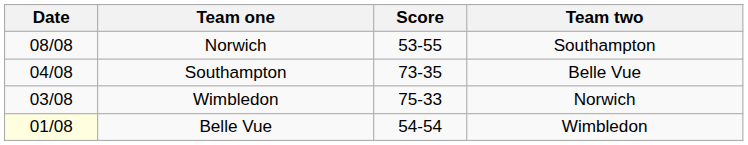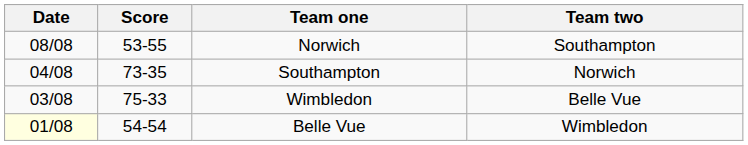 <table class="wikitable" style="text-align: center">
 <tr>
 <th width=80>Date</th>
+<th width=80>Score</th>
 <th width=250>Team one</th>
-<th width=80>Score</th>
 <th width=250>Team two</th>
 </tr>
 <tr>
 <td>08/08</td>
+<td>53-55</td>
 <td>Norwich</td>
-<td>53-55</td>
 <td>Southampton</td>
 </tr>
 <tr>
 <td>04/08</td>
+<td>73-35</td>
 <td>Southampton</td>
-<td>73-35</td>
+<td>Norwich</td>
+</tr>
+<tr>
+<td>03/08</td>
+<td>75-33</td>
+<td>Wimbledon</td>
 <td>Belle Vue</td>
 </tr>
 <tr>
-<td>03/08</td>
-<td>Wimbledon</td>
-<td>75-33</td>
-<td>Norwich</td>
-</tr>
-<tr>
 <td style="background: lightyellow;">01/08</td>
+<td>54-54</td>
 <td>Belle Vue</td>
-<td>54-54</td>
 <td>Wimbledon</td>
 </tr>
 </table>
